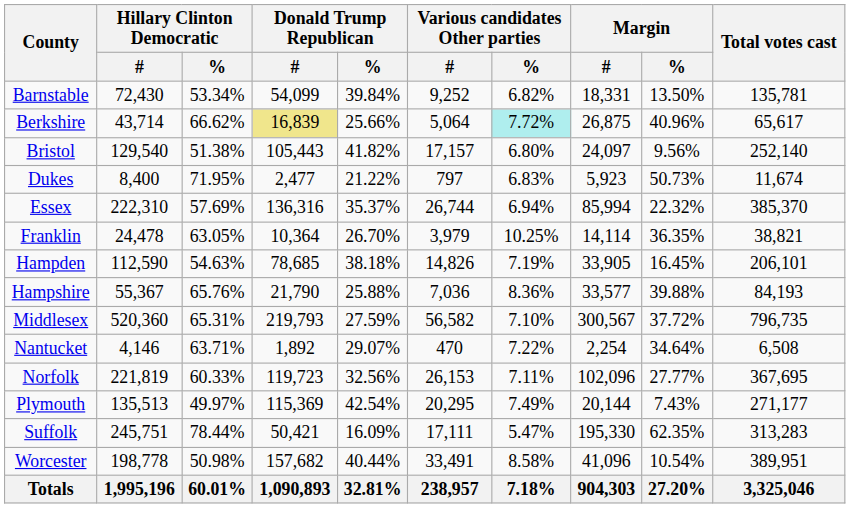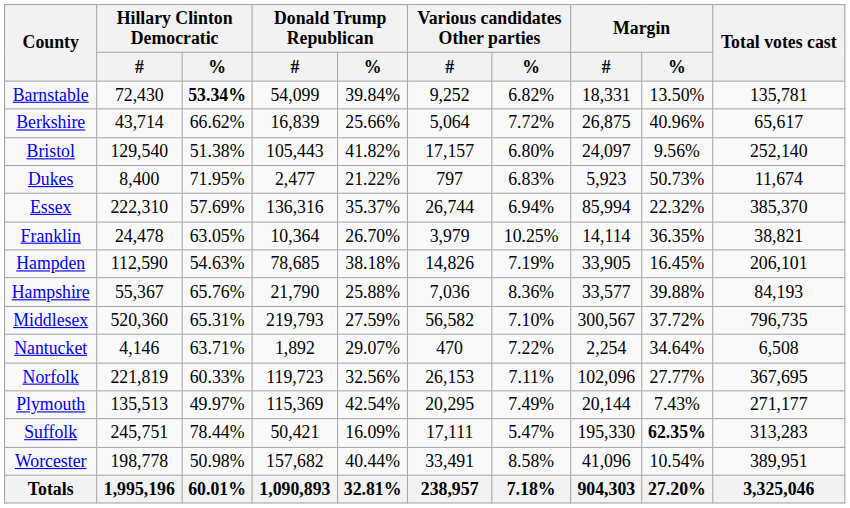 <table width="60%"  class="wikitable sortable" style="text-align:center">
 <tr>
 <th style="text-align:center;" rowspan="2">County</th>
 <th style="text-align:center;" colspan="2">Hillary Clinton<br>Democratic</th>
 <th style="text-align:center;" colspan="2">Donald Trump<br>Republican</th>
 <th style="text-align:center;" colspan="2">Various candidates<br>Other parties</th>
 <th style="text-align:center;" colspan="2">Margin</th>
 <th style="text-align:center;" rowspan="2">Total votes cast</th>
 </tr>
 <tr>
 <th style="text-align:center;" data-sort-type="number">#</th>
 <th style="text-align:center;" data-sort-type="number">%</th>
 <th style="text-align:center;" data-sort-type="number">#</th>
 <th style="text-align:center;" data-sort-type="number">%</th>
 <th style="text-align:center;" data-sort-type="number">#</th>
 <th style="text-align:center;" data-sort-type="number">%</th>
 <th style="text-align:center;" data-sort-type="number">#</th>
 <th style="text-align:center;" data-sort-type="number">%</th>
 </tr>
 <tr style="text-align:center;">
 <td><a href='#'>Barnstable</a></td>
 <td>72,430</td>
-<td>53.34%</td>
+<td><strong>53.34%</strong></td>
 <td>54,099</td>
 <td>39.84%</td>
 <td>9,252</td>
 <td>6.82%</td>
 <td>18,331</td>
 <td>13.50%</td>
 <td>135,781</td>
 </tr>
 <tr style="text-align:center;">
 <td><a href='#'>Berkshire</a></td>
 <td>43,714</td>
 <td>66.62%</td>
-<td style="background: khaki;">16,839</td>
+<td>16,839</td>
 <td>25.66%</td>
 <td>5,064</td>
-<td style="background: paleturquoise;">7.72%</td>
+<td>7.72%</td>
 <td>26,875</td>
 <td>40.96%</td>
 <td>65,617</td>
 </tr>
 <tr style="text-align:center;">
 <td><a href='#'>Bristol</a></td>
 <td>129,540</td>
 <td>51.38%</td>
 <td>105,443</td>
 <td>41.82%</td>
 <td>17,157</td>
 <td>6.80%</td>
 <td>24,097</td>
 <td>9.56%</td>
 <td>252,140</td>
 </tr>
 <tr style="text-align:center;">
 <td><a href='#'>Dukes</a></td>
 <td>8,400</td>
 <td>71.95%</td>
 <td>2,477</td>
 <td>21.22%</td>
 <td>797</td>
 <td>6.83%</td>
 <td>5,923</td>
 <td>50.73%</td>
 <td>11,674</td>
 </tr>
 <tr style="text-align:center;">
 <td><a href='#'>Essex</a></td>
 <td>222,310</td>
 <td>57.69%</td>
 <td>136,316</td>
 <td>35.37%</td>
 <td>26,744</td>
 <td>6.94%</td>
 <td>85,994</td>
 <td>22.32%</td>
 <td>385,370</td>
 </tr>
 <tr style="text-align:center;">
 <td><a href='#'>Franklin</a></td>
 <td>24,478</td>
 <td>63.05%</td>
 <td>10,364</td>
 <td>26.70%</td>
 <td>3,979</td>
 <td>10.25%</td>
 <td>14,114</td>
 <td>36.35%</td>
 <td>38,821</td>
 </tr>
 <tr style="text-align:center;">
 <td><a href='#'>Hampden</a></td>
 <td>112,590</td>
 <td>54.63%</td>
 <td>78,685</td>
 <td>38.18%</td>
 <td>14,826</td>
 <td>7.19%</td>
 <td>33,905</td>
 <td>16.45%</td>
 <td>206,101</td>
 </tr>
 <tr style="text-align:center;">
 <td><a href='#'>Hampshire</a></td>
 <td>55,367</td>
 <td>65.76%</td>
 <td>21,790</td>
 <td>25.88%</td>
 <td>7,036</td>
 <td>8.36%</td>
 <td>33,577</td>
 <td>39.88%</td>
 <td>84,193</td>
 </tr>
 <tr style="text-align:center;">
 <td><a href='#'>Middlesex</a></td>
 <td>520,360</td>
 <td>65.31%</td>
 <td>219,793</td>
 <td>27.59%</td>
 <td>56,582</td>
 <td>7.10%</td>
 <td>300,567</td>
 <td>37.72%</td>
 <td>796,735</td>
 </tr>
 <tr style="text-align:center;">
 <td><a href='#'>Nantucket</a></td>
 <td>4,146</td>
 <td>63.71%</td>
 <td>1,892</td>
 <td>29.07%</td>
 <td>470</td>
 <td>7.22%</td>
 <td>2,254</td>
 <td>34.64%</td>
 <td>6,508</td>
 </tr>
 <tr style="text-align:center;">
 <td><a href='#'>Norfolk</a></td>
 <td>221,819</td>
 <td>60.33%</td>
 <td>119,723</td>
 <td>32.56%</td>
 <td>26,153</td>
 <td>7.11%</td>
 <td>102,096</td>
 <td>27.77%</td>
 <td>367,695</td>
 </tr>
 <tr style="text-align:center;">
 <td><a href='#'>Plymouth</a></td>
 <td>135,513</td>
 <td>49.97%</td>
 <td>115,369</td>
 <td>42.54%</td>
 <td>20,295</td>
 <td>7.49%</td>
 <td>20,144</td>
 <td>7.43%</td>
 <td>271,177</td>
 </tr>
 <tr style="text-align:center;">
 <td><a href='#'>Suffolk</a></td>
 <td>245,751</td>
 <td>78.44%</td>
 <td>50,421</td>
 <td>16.09%</td>
 <td>17,111</td>
 <td>5.47%</td>
 <td>195,330</td>
-<td>62.35%</td>
+<td><strong>62.35%</strong></td>
 <td>313,283</td>
 </tr>
 <tr style="text-align:center;">
 <td><a href='#'>Worcester</a></td>
 <td>198,778</td>
 <td>50.98%</td>
 <td>157,682</td>
 <td>40.44%</td>
 <td>33,491</td>
 <td>8.58%</td>
 <td>41,096</td>
 <td>10.54%</td>
 <td>389,951</td>
 </tr>
 <tr>
 <th>Totals</th>
 <th>1,995,196</th>
 <th>60.01%</th>
 <th>1,090,893</th>
 <th>32.81%</th>
 <th>238,957</th>
 <th>7.18%</th>
 <th>904,303</th>
 <th>27.20%</th>
 <th>3,325,046</th>
 </tr>
 </table>
